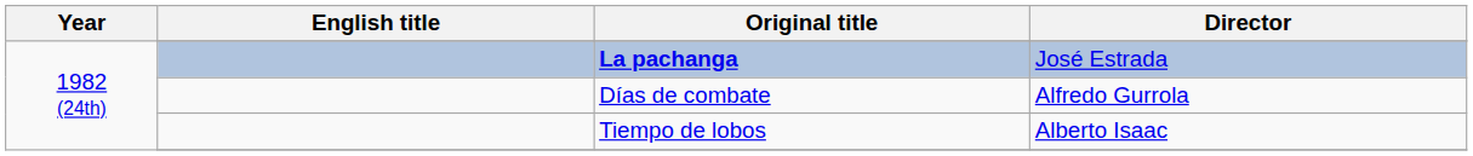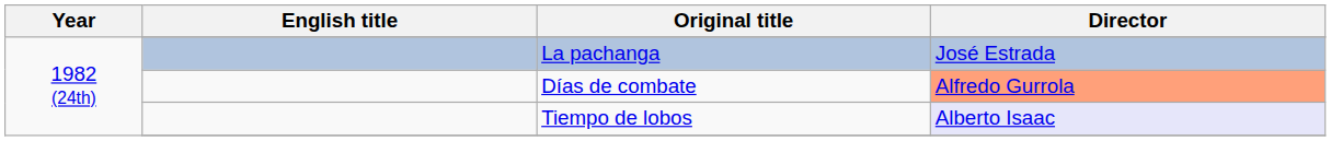 <table class="wikitable">
 <tr>
 <th width="100"><strong>Year</strong></th>
 <th width="300"><strong>English title</strong></th>
 <th width="300"><strong>Original title</strong></th>
 <th width="300"><strong>Director</strong></th>
 </tr>
 <tr>
 <td rowspan="6" style="text-align:center;"><a href='#'>1982</a><br><small><a href='#'>(24th)</a></small></td>
 </tr>
 <tr style="background:#B0C4DE;">
 <td></td>
-<td><strong><a href='#'>La pachanga</a></strong></td>
+<td><a href='#'>La pachanga</a></td>
 <td><a href='#'>José Estrada</a></td>
 </tr>
 <tr>
 <td></td>
 <td><a href='#'>Días de combate</a></td>
-<td><a href='#'>Alfredo Gurrola</a></td>
+<td style="background: lightsalmon;"><a href='#'>Alfredo Gurrola</a></td>
 </tr>
 <tr>
 <td></td>
 <td><a href='#'>Tiempo de lobos</a></td>
-<td><a href='#'>Alberto Isaac</a></td>
+<td style="background: lavender;"><a href='#'>Alberto Isaac</a></td>
 </tr>
 <tr>
 </tr>
 </table>
